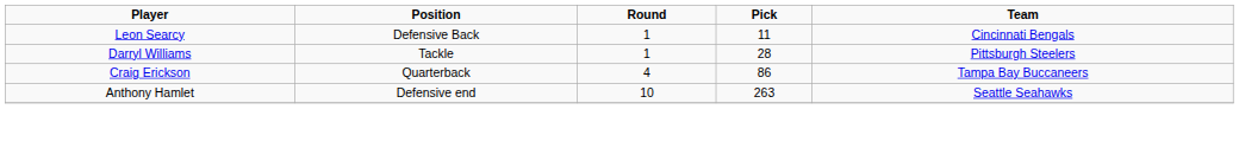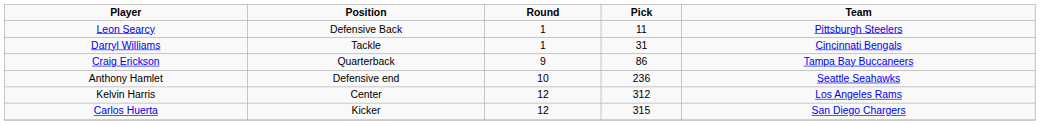 <table class="wikitable" style="width:80%;">
 <tr style="text-align:center; ">
 <td><strong>Player</strong></td>
 <td><strong>Position</strong></td>
 <td><strong>Round</strong></td>
 <td><strong>Pick</strong></td>
 <td><strong>Team</strong></td>
 </tr>
 <tr align="center" bgcolor="">
 <td><a href='#'>Leon Searcy</a></td>
 <td>Defensive Back</td>
 <td>1</td>
 <td>11</td>
-<td><a href='#'>Cincinnati Bengals</a></td>
+<td><a href='#'>Pittsburgh Steelers</a></td>
 </tr>
 <tr align="center" bgcolor="">
 <td><a href='#'>Darryl Williams</a></td>
 <td>Tackle</td>
 <td>1</td>
-<td>28</td>
-<td><a href='#'>Pittsburgh Steelers</a></td>
+<td>31</td>
+<td><a href='#'>Cincinnati Bengals</a></td>
 </tr>
 <tr align="center" bgcolor="">
 <td><a href='#'>Craig Erickson</a></td>
 <td>Quarterback</td>
-<td>4</td>
+<td>9</td>
 <td>86</td>
 <td><a href='#'>Tampa Bay Buccaneers</a></td>
 </tr>
 <tr align="center" bgcolor="">
 <td>Anthony Hamlet</td>
 <td>Defensive end</td>
 <td>10</td>
-<td>263</td>
+<td>236</td>
 <td><a href='#'>Seattle Seahawks</a></td>
+</tr>
+<tr align="center" bgcolor="">
+<td>Kelvin Harris</td>
+<td>Center</td>
+<td>12</td>
+<td>312</td>
+<td><a href='#'>Los Angeles Rams</a></td>
+</tr>
+<tr align="center" bgcolor="">
+<td><a href='#'>Carlos Huerta</a></td>
+<td>Kicker</td>
+<td>12</td>
+<td>315</td>
+<td><a href='#'>San Diego Chargers</a></td>
 </tr>
 <tr align="center" bgcolor="">
 </tr>
 </table>
